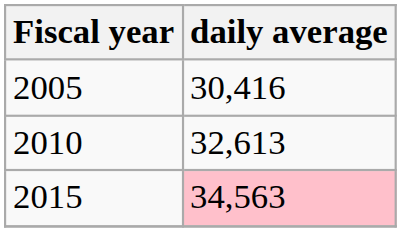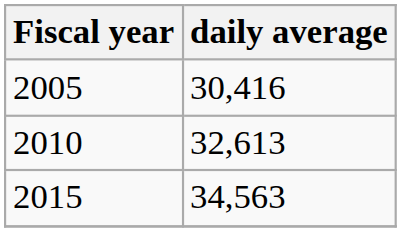 <table class="wikitable">
 <tr>
 <th>Fiscal year</th>
 <th>daily average</th>
 </tr>
 <tr>
 <td>2005</td>
 <td>30,416</td>
 </tr>
 <tr>
 <td>2010</td>
 <td>32,613</td>
 </tr>
 <tr>
 <td>2015</td>
-<td style="background: pink;">34,563</td>
+<td>34,563</td>
 </tr>
 <tr>
 </tr>
 </table>
